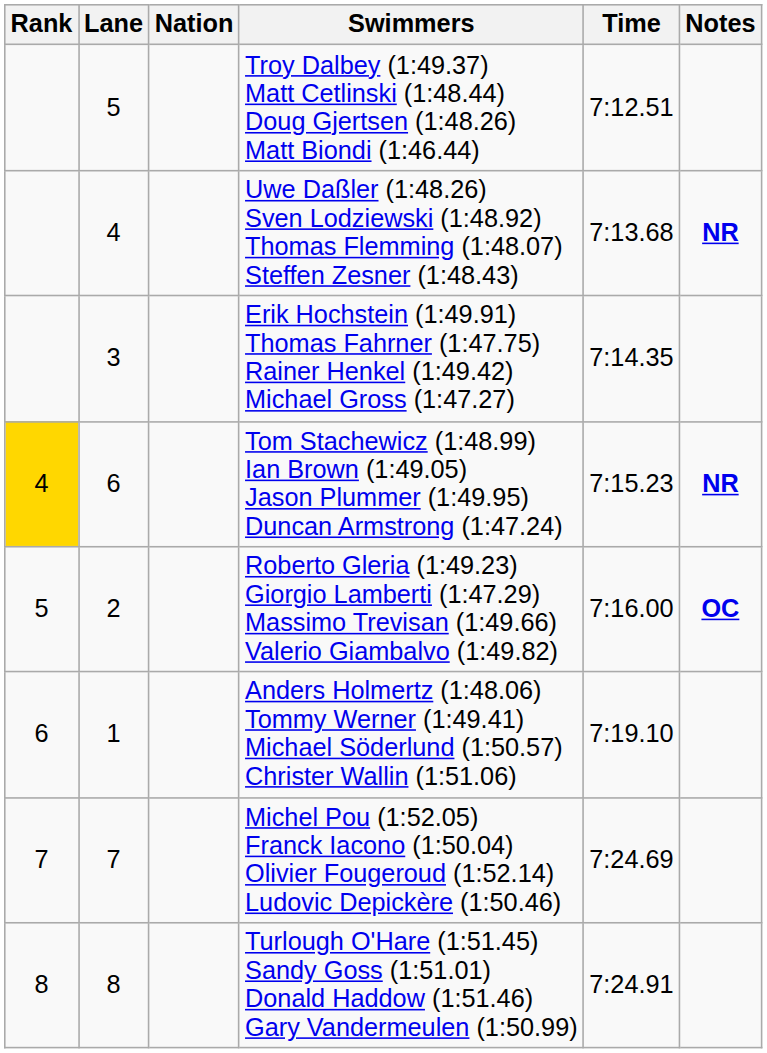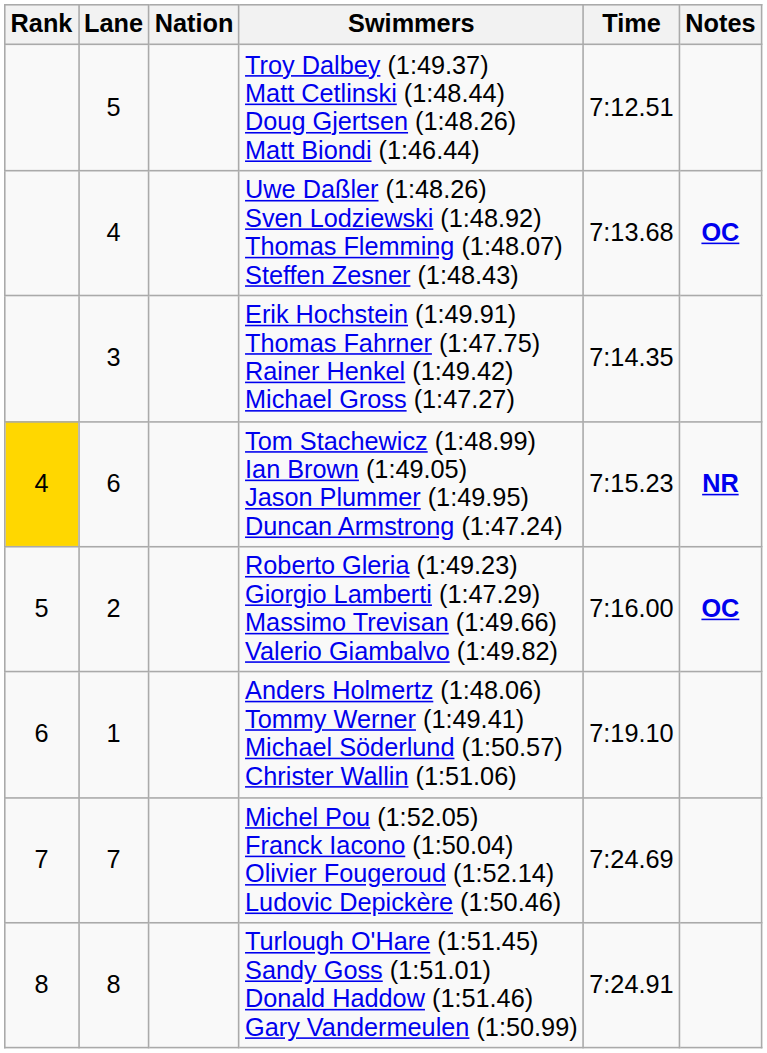 <table class="wikitable sortable" style="text-align:center">
 <tr>
 <th>Rank</th>
 <th>Lane</th>
 <th>Nation</th>
 <th>Swimmers</th>
 <th>Time</th>
 <th>Notes</th>
 </tr>
 <tr>
 <td></td>
 <td>5</td>
 <td align=left></td>
 <td align=left><a href='#'>Troy Dalbey</a> (1:49.37)<br><a href='#'>Matt Cetlinski</a> (1:48.44)<br><a href='#'>Doug Gjertsen</a> (1:48.26)<br><a href='#'>Matt Biondi</a> (1:46.44)</td>
 <td>7:12.51</td>
 <td></td>
 </tr>
 <tr>
 <td></td>
 <td>4</td>
 <td align=left></td>
 <td align=left><a href='#'>Uwe Daßler</a> (1:48.26)<br><a href='#'>Sven Lodziewski</a> (1:48.92)<br><a href='#'>Thomas Flemming</a> (1:48.07)<br><a href='#'>Steffen Zesner</a> (1:48.43)</td>
 <td>7:13.68</td>
-<td><strong><a href='#'>NR</a></strong></td>
+<td><strong><a href='#'>OC</a></strong></td>
 </tr>
 <tr>
 <td></td>
 <td>3</td>
 <td align=left></td>
 <td align=left><a href='#'>Erik Hochstein</a> (1:49.91)<br><a href='#'>Thomas Fahrner</a> (1:47.75)<br><a href='#'>Rainer Henkel</a> (1:49.42)<br><a href='#'>Michael Gross</a> (1:47.27)</td>
 <td>7:14.35</td>
 <td></td>
 </tr>
 <tr>
 <td style="background: gold;">4</td>
 <td>6</td>
 <td align=left></td>
 <td align=left><a href='#'>Tom Stachewicz</a> (1:48.99)<br><a href='#'>Ian Brown</a> (1:49.05)<br><a href='#'>Jason Plummer</a> (1:49.95)<br><a href='#'>Duncan Armstrong</a> (1:47.24)</td>
 <td>7:15.23</td>
 <td><strong><a href='#'>NR</a></strong></td>
 </tr>
 <tr>
 <td>5</td>
 <td>2</td>
 <td align=left></td>
 <td align=left><a href='#'>Roberto Gleria</a> (1:49.23)<br><a href='#'>Giorgio Lamberti</a> (1:47.29)<br><a href='#'>Massimo Trevisan</a> (1:49.66)<br><a href='#'>Valerio Giambalvo</a> (1:49.82)</td>
 <td>7:16.00</td>
 <td><strong><a href='#'>OC</a></strong></td>
 </tr>
 <tr>
 <td>6</td>
 <td>1</td>
 <td align=left></td>
 <td align=left><a href='#'>Anders Holmertz</a> (1:48.06)<br><a href='#'>Tommy Werner</a> (1:49.41)<br><a href='#'>Michael Söderlund</a> (1:50.57)<br><a href='#'>Christer Wallin</a> (1:51.06)</td>
 <td>7:19.10</td>
 <td></td>
 </tr>
 <tr>
 <td>7</td>
 <td>7</td>
 <td align=left></td>
 <td align=left><a href='#'>Michel Pou</a> (1:52.05)<br><a href='#'>Franck Iacono</a> (1:50.04)<br><a href='#'>Olivier Fougeroud</a> (1:52.14)<br><a href='#'>Ludovic Depickère</a> (1:50.46)</td>
 <td>7:24.69</td>
 <td></td>
 </tr>
 <tr>
 <td>8</td>
 <td>8</td>
 <td align=left></td>
 <td align=left><a href='#'>Turlough O'Hare</a> (1:51.45)<br><a href='#'>Sandy Goss</a> (1:51.01)<br><a href='#'>Donald Haddow</a> (1:51.46)<br><a href='#'>Gary Vandermeulen</a> (1:50.99)</td>
 <td>7:24.91</td>
 <td></td>
 </tr>
 </table>
